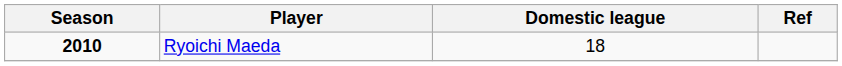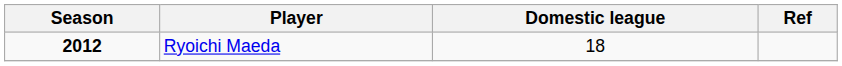 <table class="wikitable sortable" style="width:60%; align:center; text-align:center">
 <tr>
 <th>Season</th>
 <th class="unsortable">Player</th>
 <th>Domestic league</th>
 <th>Ref</th>
 </tr>
 <tr>
-<td><strong>2010</strong></td>
+<td><strong>2012</strong></td>
 <td align="left"> <a href='#'>Ryoichi Maeda</a></td>
 <td>18</td>
 <td></td>
 </tr>
 <tr>
 </tr>
 </table>
